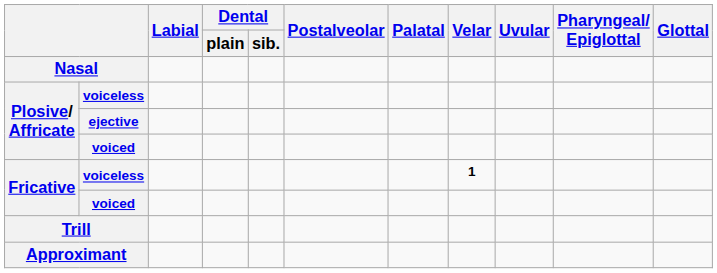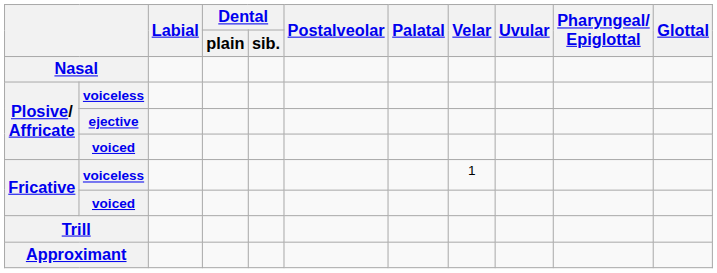 <table class="wikitable" style=text-align:center>
 <tr>
 <th colspan="2" rowspan="2"></th>
 <th rowspan="2"><a href='#'>Labial</a></th>
 <th colspan="2"><a href='#'>Dental</a></th>
 <th rowspan="2"><a href='#'>Postalveolar</a></th>
 <th rowspan="2"><a href='#'>Palatal</a></th>
 <th rowspan="2"><a href='#'>Velar</a></th>
 <th rowspan="2"><a href='#'>Uvular</a></th>
 <th rowspan="2"><a href='#'>Pharyngeal/<br>Epiglottal</a></th>
 <th rowspan="2"><a href='#'>Glottal</a></th>
 </tr>
 <tr align=center class=small>
 <th>plain</th>
 <th>sib.</th>
 </tr>
 <tr align=center>
 <th colspan="2"><a href='#'>Nasal</a></th>
 <td></td>
 <td></td>
 <td></td>
 <td></td>
 <td></td>
 <td></td>
 <td></td>
 <td></td>
 <td></td>
 </tr>
 <tr align="center">
 <th rowspan="3"><a href='#'>Plosive</a>/<br><a href='#'>Affricate</a></th>
 <th><small> <a href='#'>voiceless</a></small></th>
 <td></td>
 <td></td>
 <td></td>
 <td></td>
 <td></td>
 <td></td>
 <td></td>
 <td></td>
 <td></td>
 </tr>
 <tr align="center">
 <th><small><a href='#'>ejective</a></small></th>
 <td></td>
 <td></td>
 <td></td>
 <td></td>
 <td></td>
 <td></td>
 <td></td>
 <td></td>
 <td></td>
 </tr>
 <tr align="center">
 <th><small> <a href='#'>voiced</a></small></th>
 <td></td>
 <td></td>
 <td></td>
 <td></td>
 <td></td>
 <td></td>
 <td></td>
 <td></td>
 <td></td>
 </tr>
 <tr>
 <th rowspan="2"><a href='#'>Fricative</a></th>
 <th><small> <a href='#'>voiceless</a></small></th>
 <td></td>
 <td></td>
 <td></td>
 <td></td>
 <td></td>
-<td><strong><sup>1</sup></strong></td>
+<td><sup>1</sup></td>
 <td></td>
 <td></td>
 <td></td>
 </tr>
 <tr align="center">
 <th><small> <a href='#'>voiced</a></small></th>
 <td></td>
 <td></td>
 <td></td>
 <td></td>
 <td></td>
 <td></td>
 <td></td>
 <td></td>
 <td></td>
 </tr>
 <tr align="center">
 <th colspan="2"><a href='#'>Trill</a></th>
 <td></td>
 <td></td>
 <td></td>
 <td></td>
 <td></td>
 <td></td>
 <td></td>
 <td></td>
 <td></td>
 </tr>
 <tr align="center">
 <th colspan="2"><a href='#'>Approximant</a></th>
 <td></td>
 <td></td>
 <td></td>
 <td></td>
 <td></td>
 <td></td>
 <td></td>
 <td></td>
 <td></td>
 </tr>
 </table>
